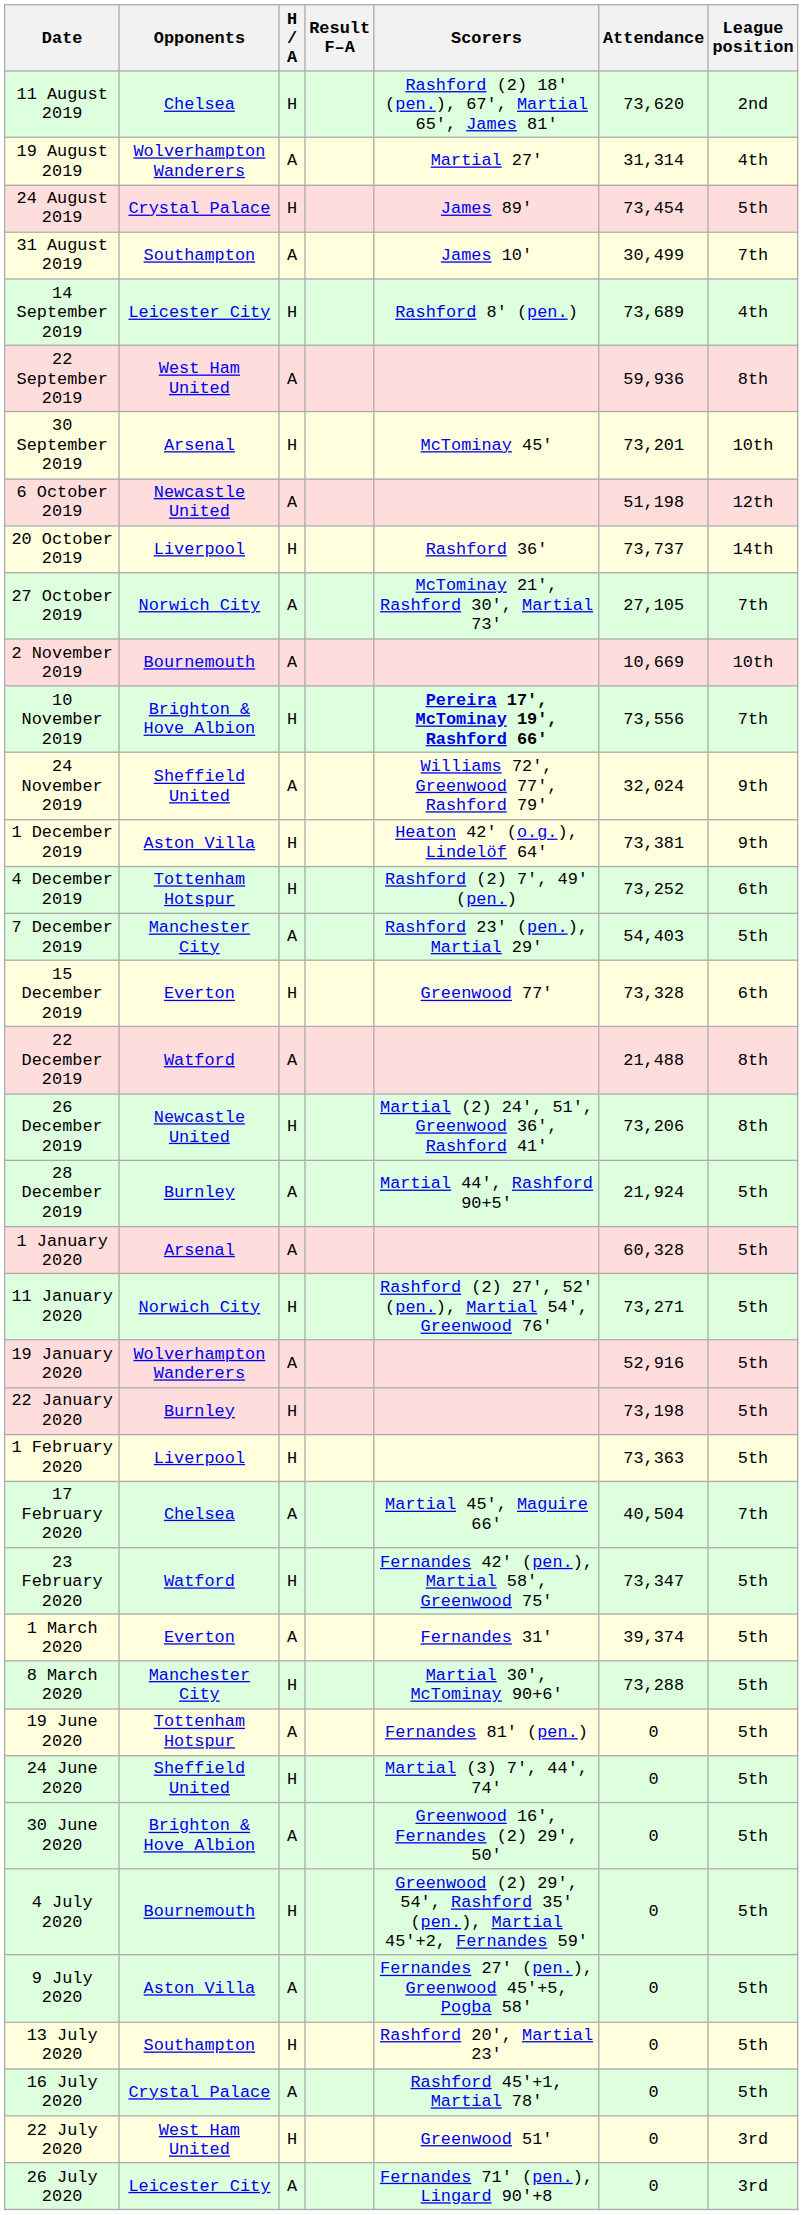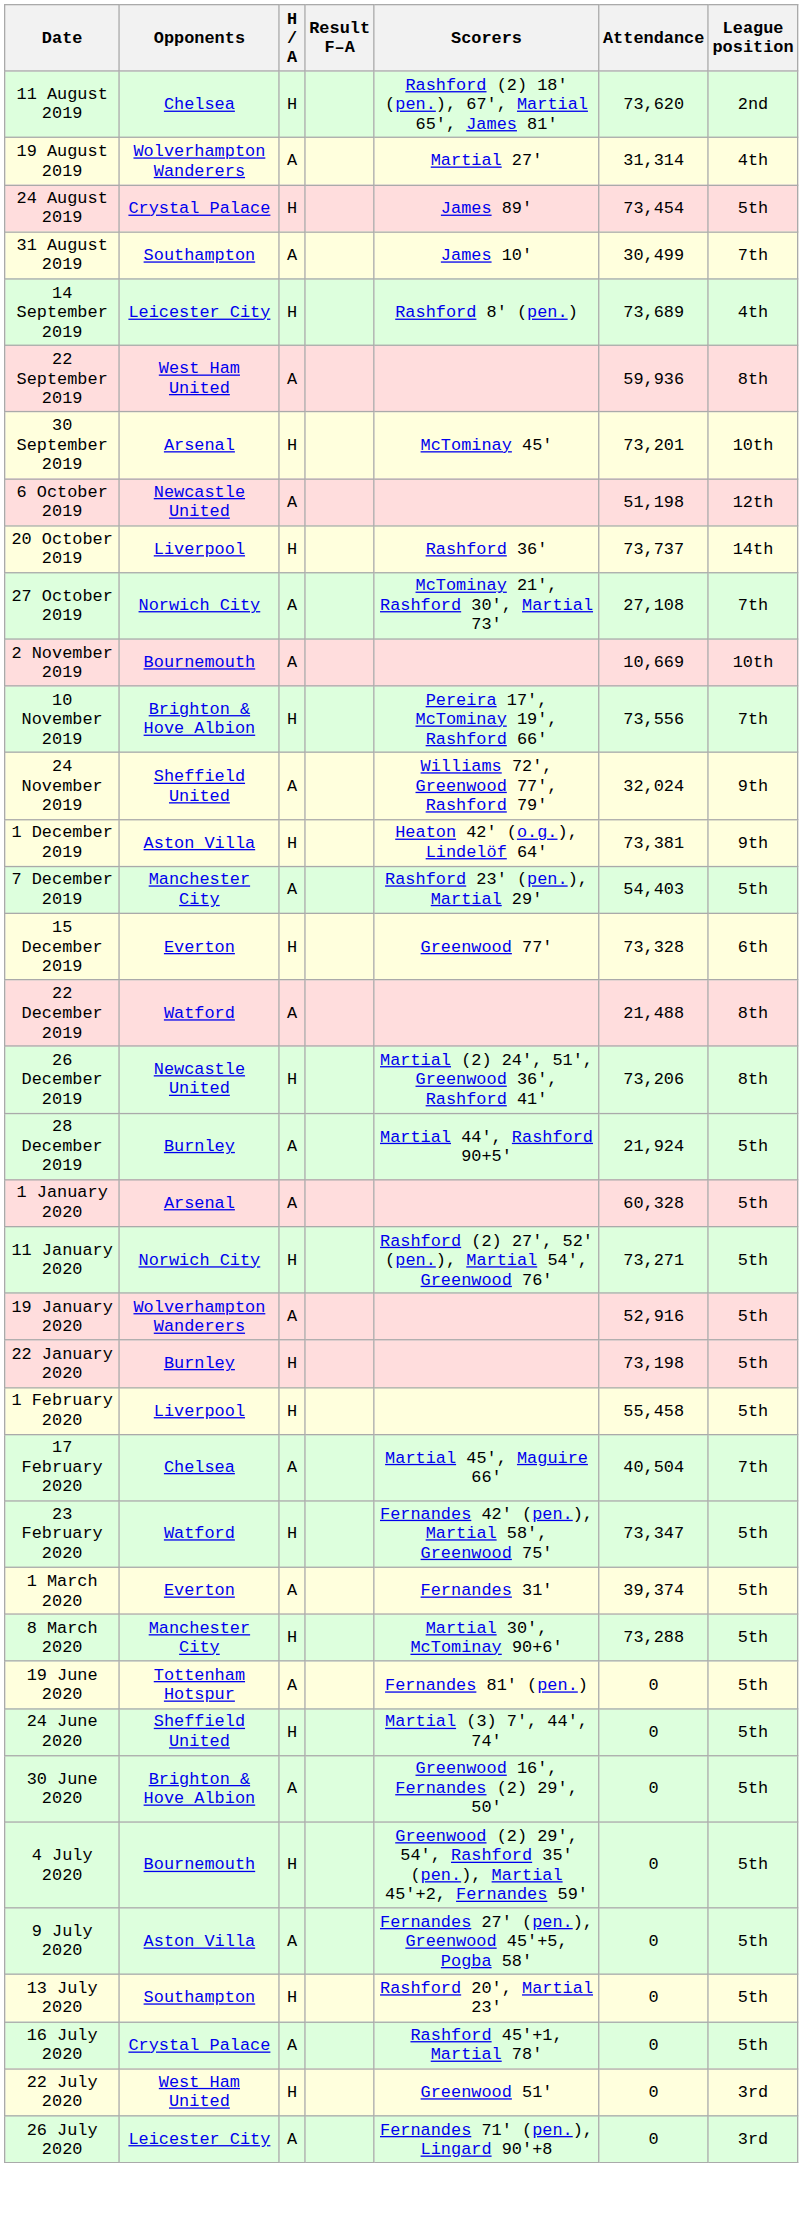 <table class="wikitable" style="text-align:center">
 <tr>
 <th>Date</th>
 <th>Opponents</th>
 <th>H / A</th>
 <th>Result<br>F–A</th>
 <th>Scorers</th>
 <th>Attendance</th>
 <th>League<br>position</th>
 </tr>
 <tr style="background:#ddffdd">
 <td>11 August 2019</td>
 <td><a href='#'>Chelsea</a></td>
 <td>H</td>
 <td></td>
 <td><a href='#'>Rashford</a> (2) 18' (<a href='#'>pen.</a>), 67', <a href='#'>Martial</a> 65', <a href='#'>James</a> 81'</td>
 <td>73,620</td>
 <td>2nd</td>
 </tr>
 <tr style="background:#ffffdd">
 <td>19 August 2019</td>
 <td><a href='#'>Wolverhampton Wanderers</a></td>
 <td>A</td>
 <td></td>
 <td><a href='#'>Martial</a> 27'</td>
 <td>31,314</td>
 <td>4th</td>
 </tr>
 <tr style="background:#ffdddd">
 <td>24 August 2019</td>
 <td><a href='#'>Crystal Palace</a></td>
 <td>H</td>
 <td></td>
 <td><a href='#'>James</a> 89'</td>
 <td>73,454</td>
 <td>5th</td>
 </tr>
 <tr style="background:#ffffdd">
 <td>31 August 2019</td>
 <td><a href='#'>Southampton</a></td>
 <td>A</td>
 <td></td>
 <td><a href='#'>James</a> 10'</td>
 <td>30,499</td>
 <td>7th</td>
 </tr>
 <tr style="background:#ddffdd">
 <td>14 September 2019</td>
 <td><a href='#'>Leicester City</a></td>
 <td>H</td>
 <td></td>
 <td><a href='#'>Rashford</a> 8' (<a href='#'>pen.</a>)</td>
 <td>73,689</td>
 <td>4th</td>
 </tr>
 <tr style="background:#ffdddd">
 <td>22 September 2019</td>
 <td><a href='#'>West Ham United</a></td>
 <td>A</td>
 <td></td>
 <td></td>
 <td>59,936</td>
 <td>8th</td>
 </tr>
 <tr style="background:#ffffdd">
 <td>30 September 2019</td>
 <td><a href='#'>Arsenal</a></td>
 <td>H</td>
 <td></td>
 <td><a href='#'>McTominay</a> 45'</td>
 <td>73,201</td>
 <td>10th</td>
 </tr>
 <tr style="background:#ffdddd">
 <td>6 October 2019</td>
 <td><a href='#'>Newcastle United</a></td>
 <td>A</td>
 <td></td>
 <td></td>
 <td>51,198</td>
 <td>12th</td>
 </tr>
 <tr style="background:#ffffdd">
 <td>20 October 2019</td>
 <td><a href='#'>Liverpool</a></td>
 <td>H</td>
 <td></td>
 <td><a href='#'>Rashford</a> 36'</td>
 <td>73,737</td>
 <td>14th</td>
 </tr>
 <tr style="background:#ddffdd">
 <td>27 October 2019</td>
 <td><a href='#'>Norwich City</a></td>
 <td>A</td>
 <td></td>
 <td><a href='#'>McTominay</a> 21', <a href='#'>Rashford</a> 30', <a href='#'>Martial</a> 73'</td>
-<td>27,105</td>
+<td>27,108</td>
 <td>7th</td>
 </tr>
 <tr style="background:#ffdddd">
 <td>2 November 2019</td>
 <td><a href='#'>Bournemouth</a></td>
 <td>A</td>
 <td></td>
 <td></td>
 <td>10,669</td>
 <td>10th</td>
 </tr>
 <tr style="background:#ddffdd">
 <td>10 November 2019</td>
 <td><a href='#'>Brighton & Hove Albion</a></td>
 <td>H</td>
 <td></td>
-<td><strong><a href='#'>Pereira</a> 17', <a href='#'>McTominay</a> 19', <a href='#'>Rashford</a> 66'</strong></td>
+<td><a href='#'>Pereira</a> 17', <a href='#'>McTominay</a> 19', <a href='#'>Rashford</a> 66'</td>
 <td>73,556</td>
 <td>7th</td>
 </tr>
 <tr style="background:#ffffdd">
 <td>24 November 2019</td>
 <td><a href='#'>Sheffield United</a></td>
 <td>A</td>
 <td></td>
 <td><a href='#'>Williams</a> 72', <a href='#'>Greenwood</a> 77', <a href='#'>Rashford</a> 79'</td>
 <td>32,024</td>
 <td>9th</td>
 </tr>
 <tr style="background:#ffffdd">
 <td>1 December 2019</td>
 <td><a href='#'>Aston Villa</a></td>
 <td>H</td>
 <td></td>
 <td><a href='#'>Heaton</a> 42' (<a href='#'>o.g.</a>), <a href='#'>Lindelöf</a> 64'</td>
 <td>73,381</td>
 <td>9th</td>
-</tr>
-<tr style="background:#ddffdd">
-<td>4 December 2019</td>
-<td><a href='#'>Tottenham Hotspur</a></td>
-<td>H</td>
-<td></td>
-<td><a href='#'>Rashford</a> (2) 7', 49' (<a href='#'>pen.</a>)</td>
-<td>73,252</td>
-<td>6th</td>
 </tr>
 <tr style="background:#ddffdd">
 <td>7 December 2019</td>
 <td><a href='#'>Manchester City</a></td>
 <td>A</td>
 <td></td>
 <td><a href='#'>Rashford</a> 23' (<a href='#'>pen.</a>), <a href='#'>Martial</a> 29'</td>
 <td>54,403</td>
 <td>5th</td>
 </tr>
 <tr style="background:#ffffdd">
 <td>15 December 2019</td>
 <td><a href='#'>Everton</a></td>
 <td>H</td>
 <td></td>
 <td><a href='#'>Greenwood</a> 77'</td>
 <td>73,328</td>
 <td>6th</td>
 </tr>
 <tr style="background:#ffdddd">
 <td>22 December 2019</td>
 <td><a href='#'>Watford</a></td>
 <td>A</td>
 <td></td>
 <td></td>
 <td>21,488</td>
 <td>8th</td>
 </tr>
 <tr style="background:#ddffdd">
 <td>26 December 2019</td>
 <td><a href='#'>Newcastle United</a></td>
 <td>H</td>
 <td></td>
 <td><a href='#'>Martial</a> (2) 24', 51', <a href='#'>Greenwood</a> 36', <a href='#'>Rashford</a> 41'</td>
 <td>73,206</td>
 <td>8th</td>
 </tr>
 <tr style="background:#ddffdd">
 <td>28 December 2019</td>
 <td><a href='#'>Burnley</a></td>
 <td>A</td>
 <td></td>
 <td><a href='#'>Martial</a> 44', <a href='#'>Rashford</a> 90+5'</td>
 <td>21,924</td>
 <td>5th</td>
 </tr>
 <tr style="background:#ffdddd">
 <td>1 January 2020</td>
 <td><a href='#'>Arsenal</a></td>
 <td>A</td>
 <td></td>
 <td></td>
 <td>60,328</td>
 <td>5th</td>
 </tr>
 <tr style="background:#ddffdd">
 <td>11 January 2020</td>
 <td><a href='#'>Norwich City</a></td>
 <td>H</td>
 <td></td>
 <td><a href='#'>Rashford</a> (2) 27', 52' (<a href='#'>pen.</a>), <a href='#'>Martial</a> 54', <a href='#'>Greenwood</a> 76'</td>
 <td>73,271</td>
 <td>5th</td>
 </tr>
 <tr style="background:#ffdddd">
 <td>19 January 2020</td>
 <td><a href='#'>Wolverhampton Wanderers</a></td>
 <td>A</td>
 <td></td>
 <td></td>
 <td>52,916</td>
 <td>5th</td>
 </tr>
 <tr style="background:#ffdddd">
 <td>22 January 2020</td>
 <td><a href='#'>Burnley</a></td>
 <td>H</td>
 <td></td>
 <td></td>
 <td>73,198</td>
 <td>5th</td>
 </tr>
 <tr style="background:#ffffdd">
 <td>1 February 2020</td>
 <td><a href='#'>Liverpool</a></td>
 <td>H</td>
 <td></td>
 <td></td>
-<td>73,363</td>
+<td>55,458</td>
 <td>5th</td>
 </tr>
 <tr style="background:#ddffdd">
 <td>17 February 2020</td>
 <td><a href='#'>Chelsea</a></td>
 <td>A</td>
 <td></td>
 <td><a href='#'>Martial</a> 45', <a href='#'>Maguire</a> 66'</td>
 <td>40,504</td>
 <td>7th</td>
 </tr>
 <tr style="background:#ddffdd">
 <td>23 February 2020</td>
 <td><a href='#'>Watford</a></td>
 <td>H</td>
 <td></td>
 <td><a href='#'>Fernandes</a> 42' (<a href='#'>pen.</a>), <a href='#'>Martial</a> 58', <a href='#'>Greenwood</a> 75'</td>
 <td>73,347</td>
 <td>5th</td>
 </tr>
 <tr style="background:#ffffdd">
 <td>1 March 2020</td>
 <td><a href='#'>Everton</a></td>
 <td>A</td>
 <td></td>
 <td><a href='#'>Fernandes</a> 31'</td>
 <td>39,374</td>
 <td>5th</td>
 </tr>
 <tr style="background:#ddffdd">
 <td>8 March 2020</td>
 <td><a href='#'>Manchester City</a></td>
 <td>H</td>
 <td></td>
 <td><a href='#'>Martial</a> 30', <a href='#'>McTominay</a> 90+6'</td>
 <td>73,288</td>
 <td>5th</td>
 </tr>
 <tr style="background:#ffffdd">
 <td>19 June 2020</td>
 <td><a href='#'>Tottenham Hotspur</a></td>
 <td>A</td>
 <td></td>
 <td><a href='#'>Fernandes</a> 81' (<a href='#'>pen.</a>)</td>
 <td>0</td>
 <td>5th</td>
 </tr>
 <tr style="background:#ddffdd">
 <td>24 June 2020</td>
 <td><a href='#'>Sheffield United</a></td>
 <td>H</td>
 <td></td>
 <td><a href='#'>Martial</a> (3) 7', 44', 74'</td>
 <td>0</td>
 <td>5th</td>
 </tr>
 <tr style="background:#ddffdd">
 <td>30 June 2020</td>
 <td><a href='#'>Brighton & Hove Albion</a></td>
 <td>A</td>
 <td></td>
 <td><a href='#'>Greenwood</a> 16', <a href='#'>Fernandes</a> (2) 29', 50'</td>
 <td>0</td>
 <td>5th</td>
 </tr>
 <tr style="background:#ddffdd">
 <td>4 July 2020</td>
 <td><a href='#'>Bournemouth</a></td>
 <td>H</td>
 <td></td>
 <td><a href='#'>Greenwood</a> (2) 29', 54', <a href='#'>Rashford</a> 35' (<a href='#'>pen.</a>), <a href='#'>Martial</a> 45'+2, <a href='#'>Fernandes</a> 59'</td>
 <td>0</td>
 <td>5th</td>
 </tr>
 <tr style="background:#ddffdd">
 <td>9 July 2020</td>
 <td><a href='#'>Aston Villa</a></td>
 <td>A</td>
 <td></td>
 <td><a href='#'>Fernandes</a> 27' (<a href='#'>pen.</a>), <a href='#'>Greenwood</a> 45'+5, <a href='#'>Pogba</a> 58'</td>
 <td>0</td>
 <td>5th</td>
 </tr>
 <tr style="background:#ffffdd">
 <td>13 July 2020</td>
 <td><a href='#'>Southampton</a></td>
 <td>H</td>
 <td></td>
 <td><a href='#'>Rashford</a> 20', <a href='#'>Martial</a> 23'</td>
 <td>0</td>
 <td>5th</td>
 </tr>
 <tr style="background:#ddffdd">
 <td>16 July 2020</td>
 <td><a href='#'>Crystal Palace</a></td>
 <td>A</td>
 <td></td>
 <td><a href='#'>Rashford</a> 45'+1, <a href='#'>Martial</a> 78'</td>
 <td>0</td>
 <td>5th</td>
 </tr>
 <tr style="background:#ffffdd">
 <td>22 July 2020</td>
 <td><a href='#'>West Ham United</a></td>
 <td>H</td>
 <td></td>
 <td><a href='#'>Greenwood</a> 51'</td>
 <td>0</td>
 <td>3rd</td>
 </tr>
 <tr style="background:#ddffdd">
 <td>26 July 2020</td>
 <td><a href='#'>Leicester City</a></td>
 <td>A</td>
 <td></td>
 <td><a href='#'>Fernandes</a> 71' (<a href='#'>pen.</a>), <a href='#'>Lingard</a> 90'+8</td>
 <td>0</td>
 <td>3rd</td>
 </tr>
 </table>
